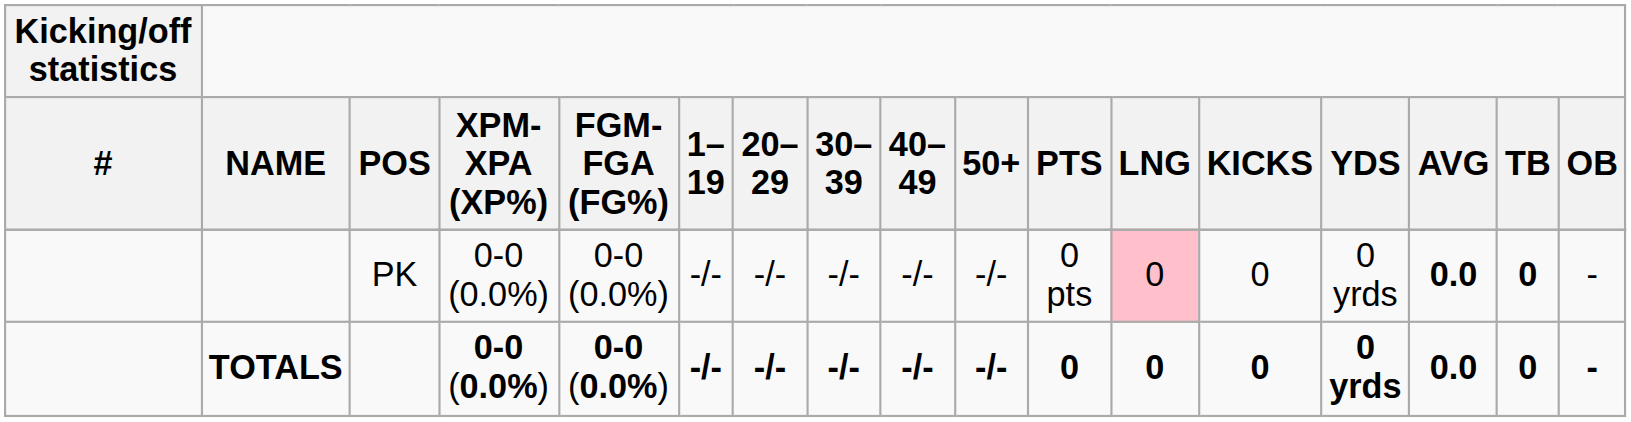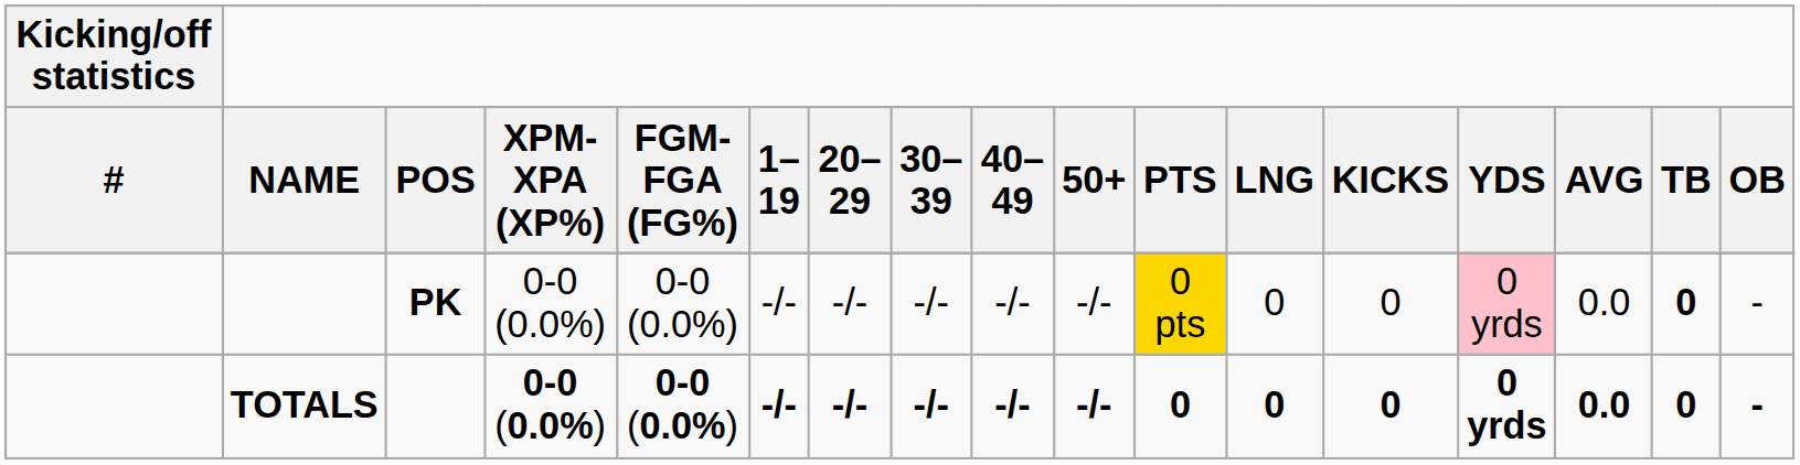 <table class="wikitable collapsible collapsed" style="width:60%; text-align:center;">
 <tr>
 <th style="text-align:center; ">Kicking/off statistics</th>
 </tr>
 <tr>
 <th>#</th>
 <th>NAME</th>
 <th>POS</th>
 <th>XPM-XPA (XP%)</th>
 <th>FGM-FGA (FG%)</th>
 <th>1–19</th>
 <th>20–29</th>
 <th>30–39</th>
 <th>40–49</th>
 <th>50+</th>
 <th>PTS</th>
 <th>LNG</th>
 <th>KICKS</th>
 <th>YDS</th>
 <th>AVG</th>
 <th>TB</th>
 <th>OB</th>
 </tr>
 <tr>
 </tr>
 <tr>
 <td></td>
 <td></td>
-<td>PK</td>
+<td><strong>PK</strong></td>
 <td>0-0 (0.0%)</td>
 <td>0-0 (0.0%)</td>
 <td>-/-</td>
 <td>-/-</td>
 <td>-/-</td>
 <td>-/-</td>
 <td>-/-</td>
-<td>0 pts</td>
-<td style="background: pink;">0</td>
+<td style="background: gold;">0 pts</td>
 <td>0</td>
-<td>0 yrds</td>
-<td><strong>0.0</strong></td>
+<td>0</td>
+<td style="background: pink;">0 yrds</td>
+<td>0.0</td>
 <td><strong>0</strong></td>
 <td>-</td>
 </tr>
 <tr>
 <td></td>
 <td><strong>TOTALS</strong></td>
 <td></td>
 <td><strong>0-0</strong> (<strong>0.0%</strong>)</td>
 <td><strong>0-0</strong> (<strong>0.0%</strong>)</td>
 <td><strong>-/-</strong></td>
 <td><strong>-/-</strong></td>
 <td><strong>-/-</strong></td>
 <td><strong>-/-</strong></td>
 <td><strong>-/-</strong></td>
 <td><strong>0</strong></td>
 <td><strong>0</strong></td>
 <td><strong>0</strong></td>
 <td><strong>0 yrds</strong></td>
 <td><strong>0.0</strong></td>
 <td><strong>0</strong></td>
 <td><strong>-</strong></td>
 </tr>
 </table>
